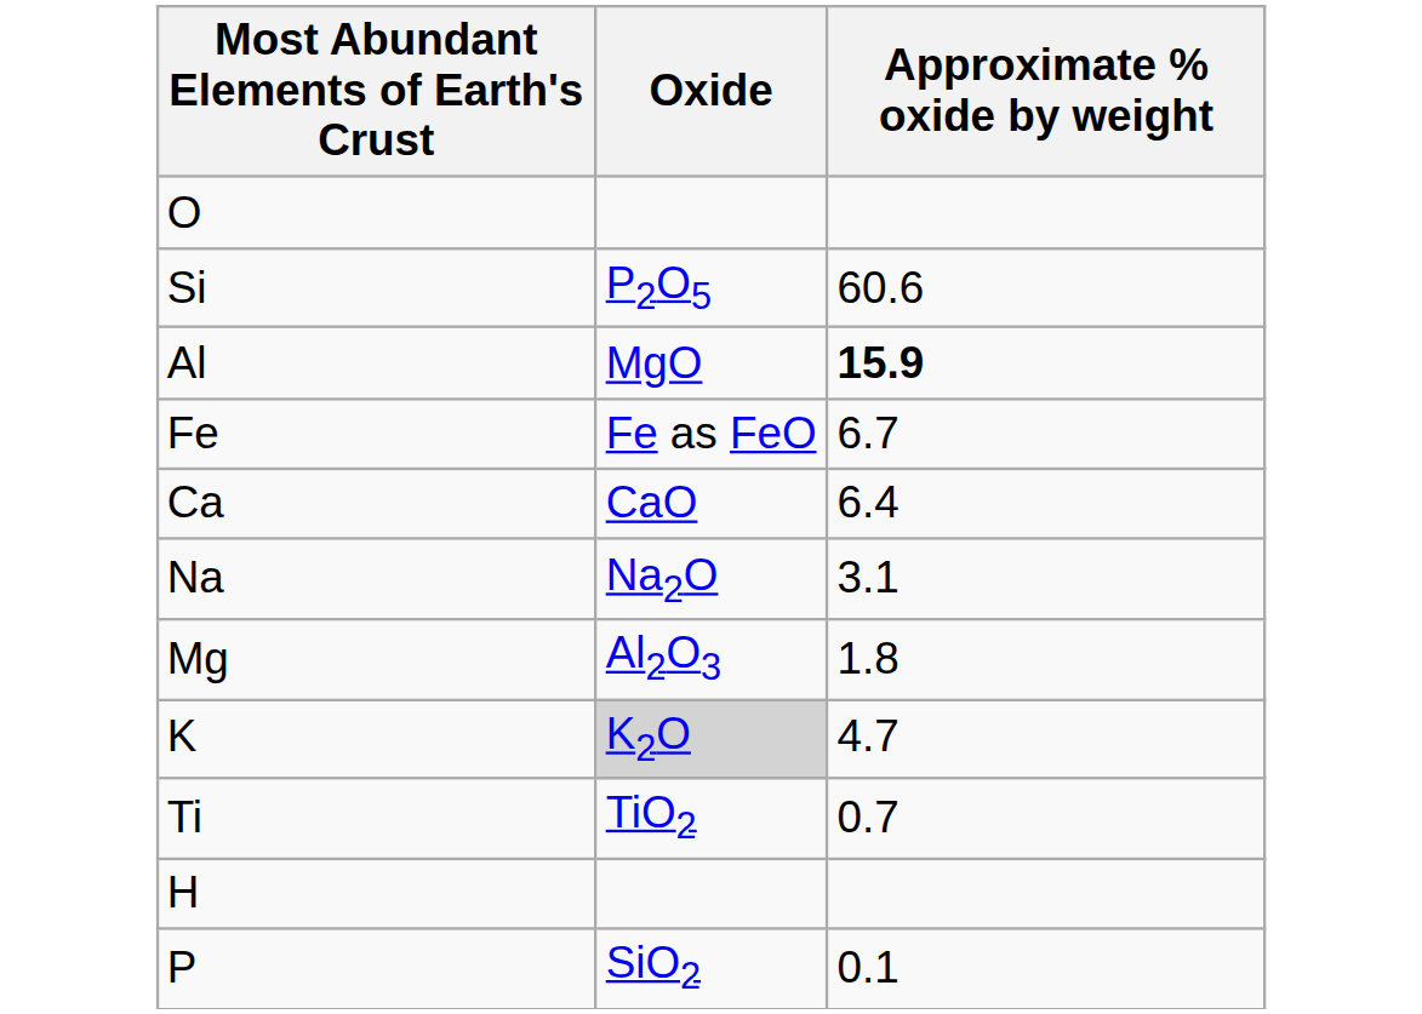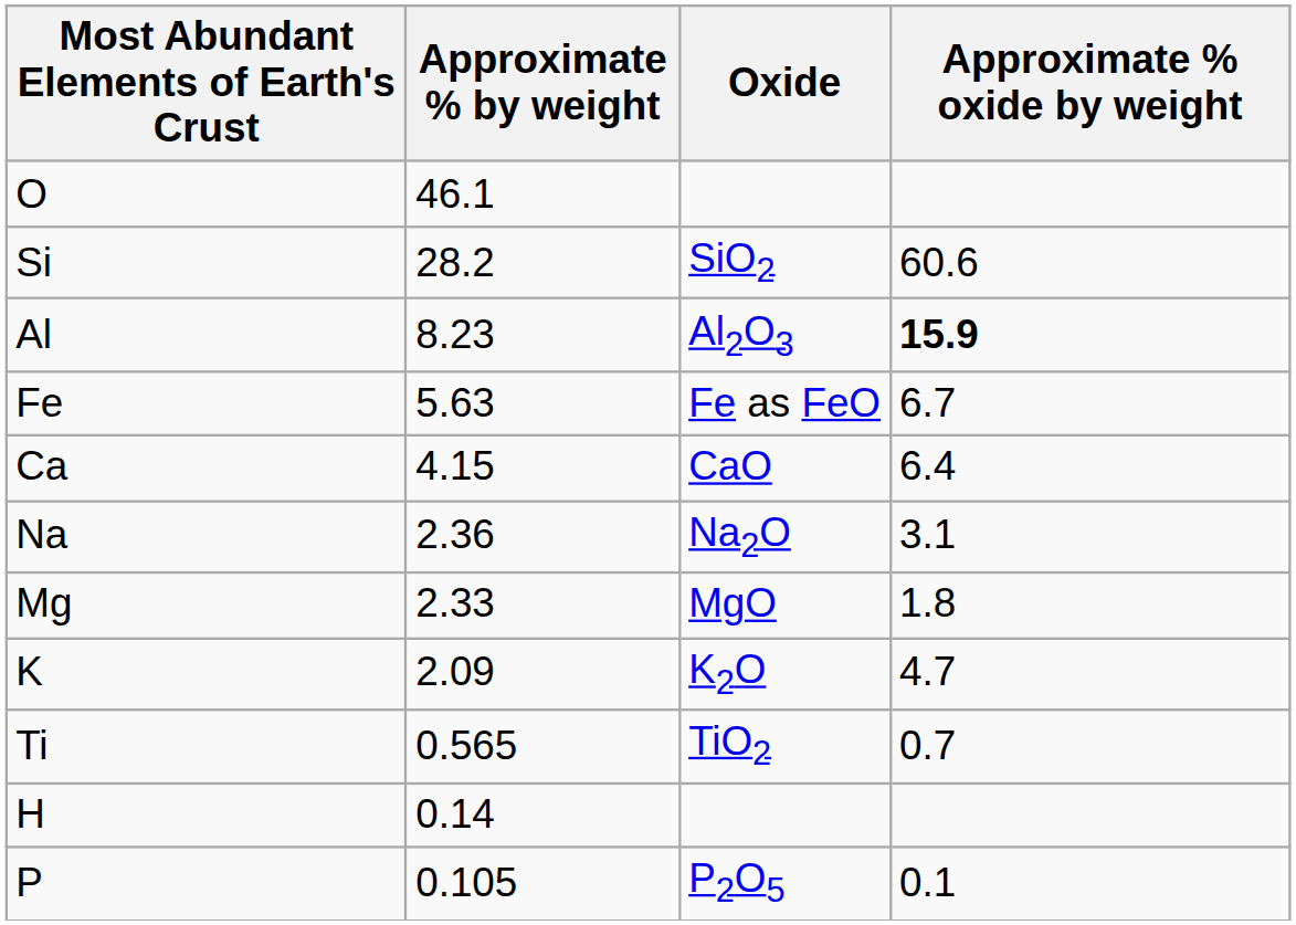 <table class="wikitable"  style="margin:auto;min-height:320px;">
 <tr>
 <th scope="col" style="width:150px;" rowspan="1.5">Most Abundant Elements of Earth's Crust</th>
+<th scope="col" style="width:100px;" colspan="1.5">Approximate % by weight</th>
 <th>Oxide</th>
 <th scope-"col" style="width:150px;">Approximate % oxide by weight</th>
 </tr>
 <tr>
 <td>O</td>
+<td>46.1</td>
 <td></td>
 <td></td>
 </tr>
 <tr>
 <td>Si</td>
-<td><a href='#'>P<sub>2</sub>O<sub>5</sub></a></td>
+<td>28.2</td>
+<td><a href='#'>SiO<sub>2</sub></a></td>
 <td>60.6</td>
 </tr>
 <tr>
 <td>Al</td>
-<td><a href='#'>MgO</a></td>
+<td>8.23</td>
+<td><a href='#'>Al<sub>2</sub>O<sub>3</sub></a></td>
 <td><strong>15.9</strong></td>
 </tr>
 <tr>
 <td>Fe</td>
+<td>5.63</td>
 <td><a href='#'>Fe</a> as <a href='#'>FeO</a></td>
 <td>6.7</td>
 </tr>
 <tr>
 <td>Ca</td>
+<td>4.15</td>
 <td><a href='#'>CaO</a></td>
 <td>6.4</td>
 </tr>
 <tr>
 <td>Na</td>
+<td>2.36</td>
 <td><a href='#'>Na<sub>2</sub>O</a></td>
 <td>3.1</td>
 </tr>
 <tr>
 <td>Mg</td>
-<td><a href='#'>Al<sub>2</sub>O<sub>3</sub></a></td>
+<td>2.33</td>
+<td><a href='#'>MgO</a></td>
 <td>1.8</td>
 </tr>
 <tr>
 <td>K</td>
-<td style="background: lightgrey;"><a href='#'>K<sub>2</sub>O</a></td>
+<td>2.09</td>
+<td><a href='#'>K<sub>2</sub>O</a></td>
 <td>4.7</td>
 </tr>
 <tr>
 <td>Ti</td>
+<td>0.565</td>
 <td><a href='#'>TiO<sub>2</sub></a></td>
 <td>0.7</td>
 </tr>
 <tr>
 <td>H</td>
+<td>0.14</td>
 <td></td>
 <td></td>
 </tr>
 <tr>
 <td>P</td>
-<td><a href='#'>SiO<sub>2</sub></a></td>
+<td>0.105</td>
+<td><a href='#'>P<sub>2</sub>O<sub>5</sub></a></td>
 <td>0.1</td>
 </tr>
 </table>
